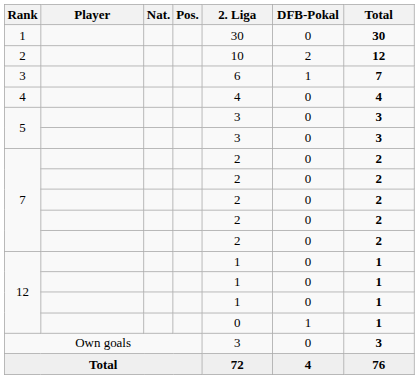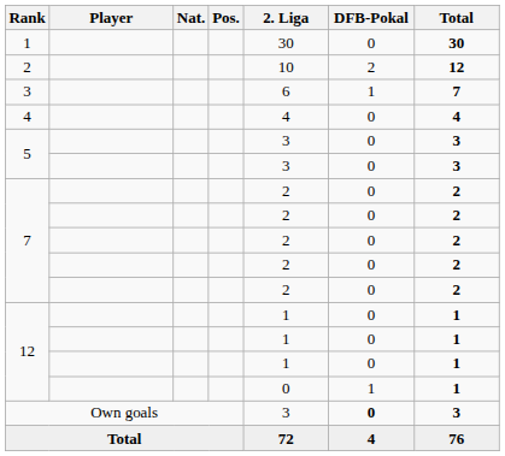 <table class="wikitable sortable nowrap" style="text-align:center;">
 <tr>
 <th>Rank</th>
 <th width=120>Player</th>
 <th>Nat.</th>
 <th>Pos.</th>
 <th width=80>2. Liga</th>
 <th width=80>DFB-Pokal</th>
 <th width=80>Total</th>
 </tr>
 <tr>
 <td>1</td>
 <td align="left"></td>
 <td></td>
 <td></td>
 <td>30</td>
 <td>0</td>
 <td><strong>30</strong></td>
 </tr>
 <tr>
 <td>2</td>
 <td align="left"></td>
 <td></td>
 <td></td>
 <td>10</td>
 <td>2</td>
 <td><strong>12</strong></td>
 </tr>
 <tr>
 <td>3</td>
 <td align="left"></td>
 <td></td>
 <td></td>
 <td>6</td>
 <td>1</td>
 <td><strong>7</strong></td>
 </tr>
 <tr>
 <td>4</td>
 <td align="left"></td>
 <td></td>
 <td></td>
 <td>4</td>
 <td>0</td>
 <td><strong>4</strong></td>
 </tr>
 <tr>
 <td rowspan="2">5</td>
 <td align="left"></td>
 <td></td>
 <td></td>
 <td>3</td>
 <td>0</td>
 <td><strong>3</strong></td>
 </tr>
 <tr>
 <td align="left"></td>
 <td></td>
 <td></td>
 <td>3</td>
 <td>0</td>
 <td><strong>3</strong></td>
 </tr>
 <tr>
 <td rowspan="5">7</td>
 <td align="left"></td>
 <td></td>
 <td></td>
 <td>2</td>
 <td>0</td>
 <td><strong>2</strong></td>
 </tr>
 <tr>
 <td align="left"></td>
 <td></td>
 <td></td>
 <td>2</td>
 <td>0</td>
 <td><strong>2</strong></td>
 </tr>
 <tr>
 <td align="left"></td>
 <td></td>
 <td></td>
 <td>2</td>
 <td>0</td>
 <td><strong>2</strong></td>
 </tr>
 <tr>
 <td align="left"></td>
 <td></td>
 <td></td>
 <td>2</td>
 <td>0</td>
 <td><strong>2</strong></td>
 </tr>
 <tr>
 <td align="left"></td>
 <td></td>
 <td></td>
 <td>2</td>
 <td>0</td>
 <td><strong>2</strong></td>
 </tr>
 <tr>
 <td rowspan="4">12</td>
 <td align="left"></td>
 <td></td>
 <td></td>
 <td>1</td>
 <td>0</td>
 <td><strong>1</strong></td>
 </tr>
 <tr>
 <td align="left"></td>
 <td></td>
 <td></td>
 <td>1</td>
 <td>0</td>
 <td><strong>1</strong></td>
 </tr>
 <tr>
 <td align="left"></td>
 <td></td>
 <td></td>
 <td>1</td>
 <td>0</td>
 <td><strong>1</strong></td>
 </tr>
 <tr>
 <td align="left"></td>
 <td></td>
 <td></td>
 <td>0</td>
 <td>1</td>
 <td><strong>1</strong></td>
 </tr>
 <tr class="sortbottom">
 <td colspan="4">Own goals</td>
 <td>3</td>
-<td>0</td>
+<td><strong>0</strong></td>
 <td><strong>3</strong></td>
 </tr>
 <tr style=font-weight:bold;background:#efefef>
 <td colspan="4">Total</td>
 <td>72</td>
 <td>4</td>
 <td>76</td>
 </tr>
 </table>
